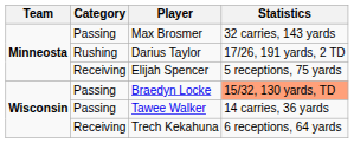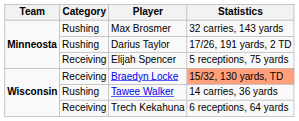 <table class="wikitable" style="float: right;">
 <tr>
 <th>Team</th>
 <th>Category</th>
 <th>Player</th>
 <th>Statistics</th>
 </tr>
 <tr>
 <td rowspan=3><strong>Minneosta</strong></td>
-<td>Passing</td>
+<td>Rushing</td>
 <td>Max Brosmer</td>
 <td>32 carries, 143 yards</td>
 </tr>
 <tr>
 <td>Rushing</td>
 <td>Darius Taylor</td>
 <td>17/26, 191 yards, 2 TD</td>
 </tr>
 <tr>
 <td>Receiving</td>
 <td>Elijah Spencer</td>
 <td>5 receptions, 75 yards</td>
 </tr>
 <tr>
 <td rowspan=3><strong>Wisconsin</strong></td>
-<td>Passing</td>
+<td>Receiving</td>
 <td><a href='#'>Braedyn Locke</a></td>
 <td style="background: lightsalmon;">15/32, 130 yards, TD</td>
 </tr>
 <tr>
-<td>Passing</td>
+<td>Rushing</td>
 <td><a href='#'>Tawee Walker</a></td>
 <td>14 carries, 36 yards</td>
 </tr>
 <tr>
 <td>Receiving</td>
 <td>Trech Kekahuna</td>
 <td>6 receptions, 64 yards</td>
 </tr>
 </table>
